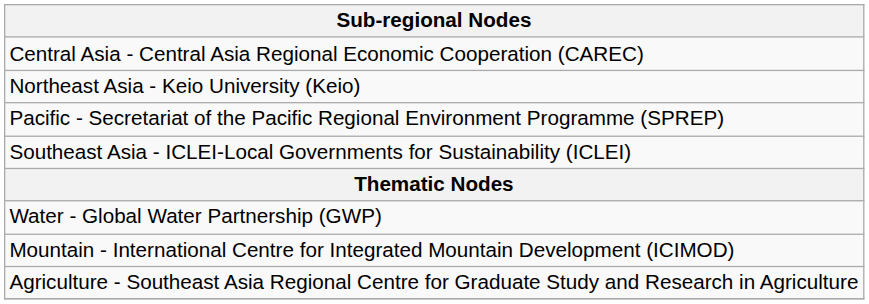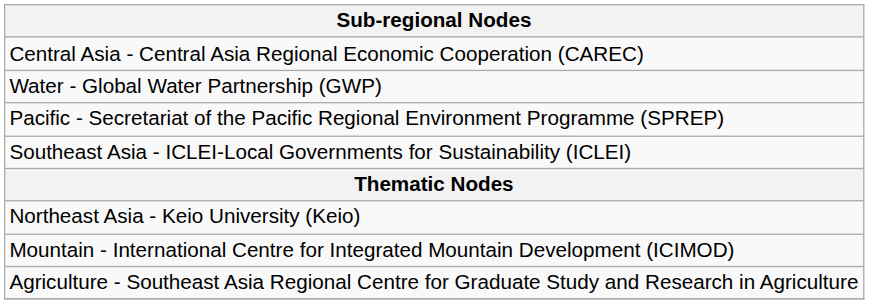 <table class="wikitable">
 <tr>
 <th>Sub-regional Nodes</th>
 </tr>
 <tr>
 <td>Central Asia - Central Asia Regional Economic Cooperation (CAREC)</td>
 </tr>
 <tr>
-<td>Northeast Asia - Keio University (Keio)</td>
+<td>Water - Global Water Partnership (GWP)</td>
 </tr>
 <tr>
 <td>Pacific - Secretariat of the Pacific Regional Environment Programme (SPREP)</td>
 </tr>
 <tr>
 <td>Southeast Asia - ICLEI-Local Governments for Sustainability (ICLEI)</td>
 </tr>
 <tr>
 <th>Thematic Nodes</th>
 </tr>
 <tr>
-<td>Water - Global Water Partnership (GWP)</td>
+<td>Northeast Asia - Keio University (Keio)</td>
 </tr>
 <tr>
 <td>Mountain - International Centre for Integrated Mountain Development (ICIMOD)</td>
 </tr>
 <tr>
 <td>Agriculture - Southeast Asia Regional Centre for Graduate Study and Research in Agriculture</td>
 </tr>
 <tr>
 </tr>
 </table>
